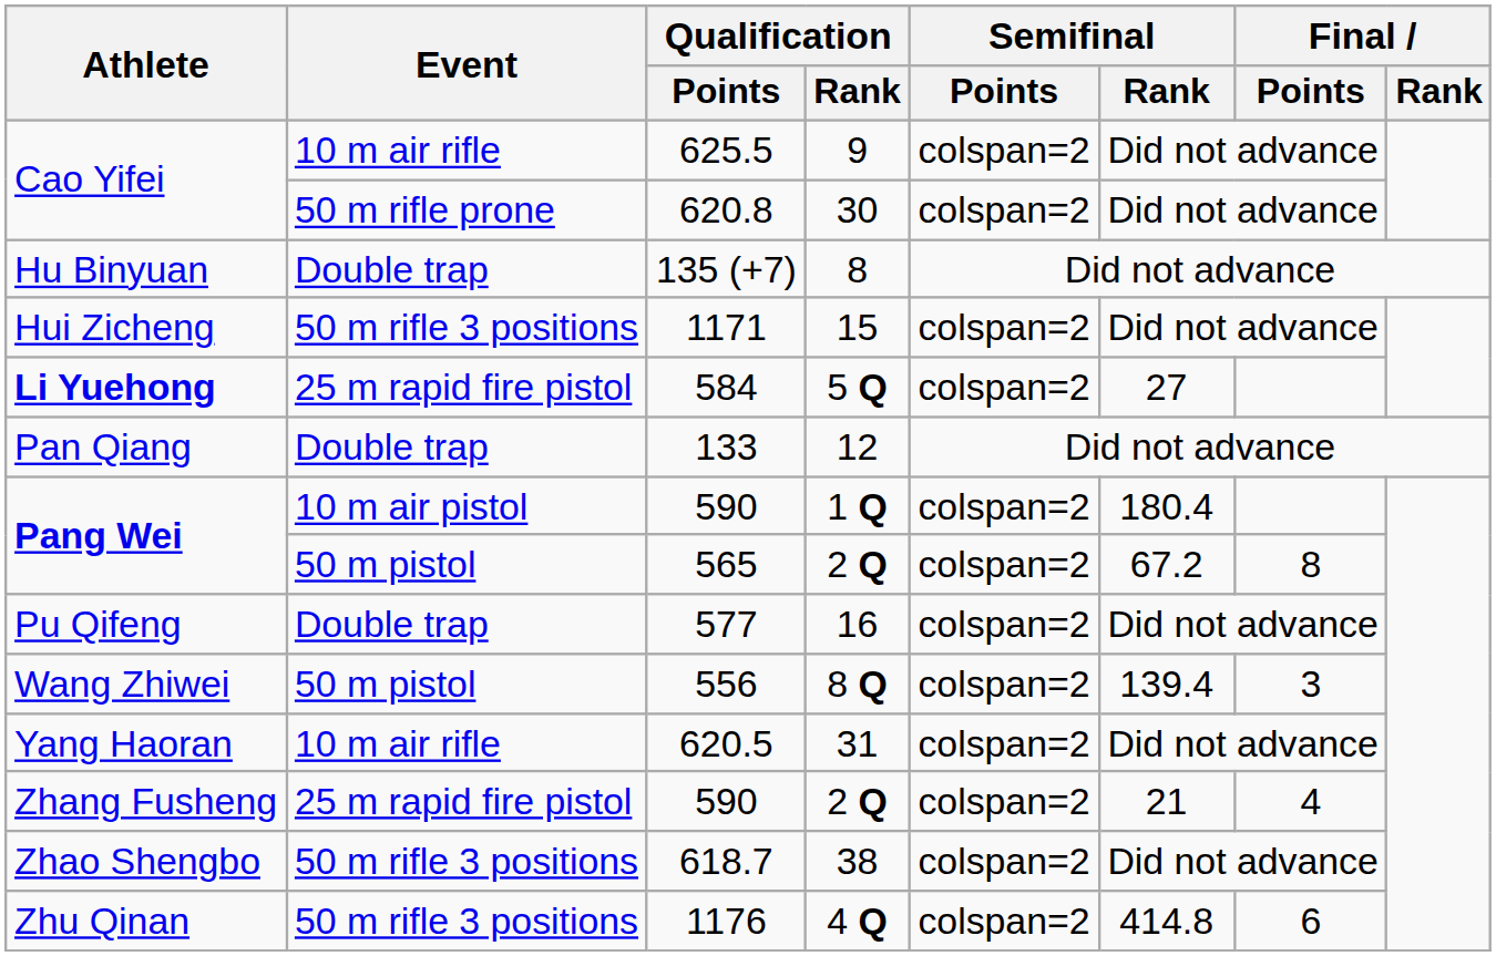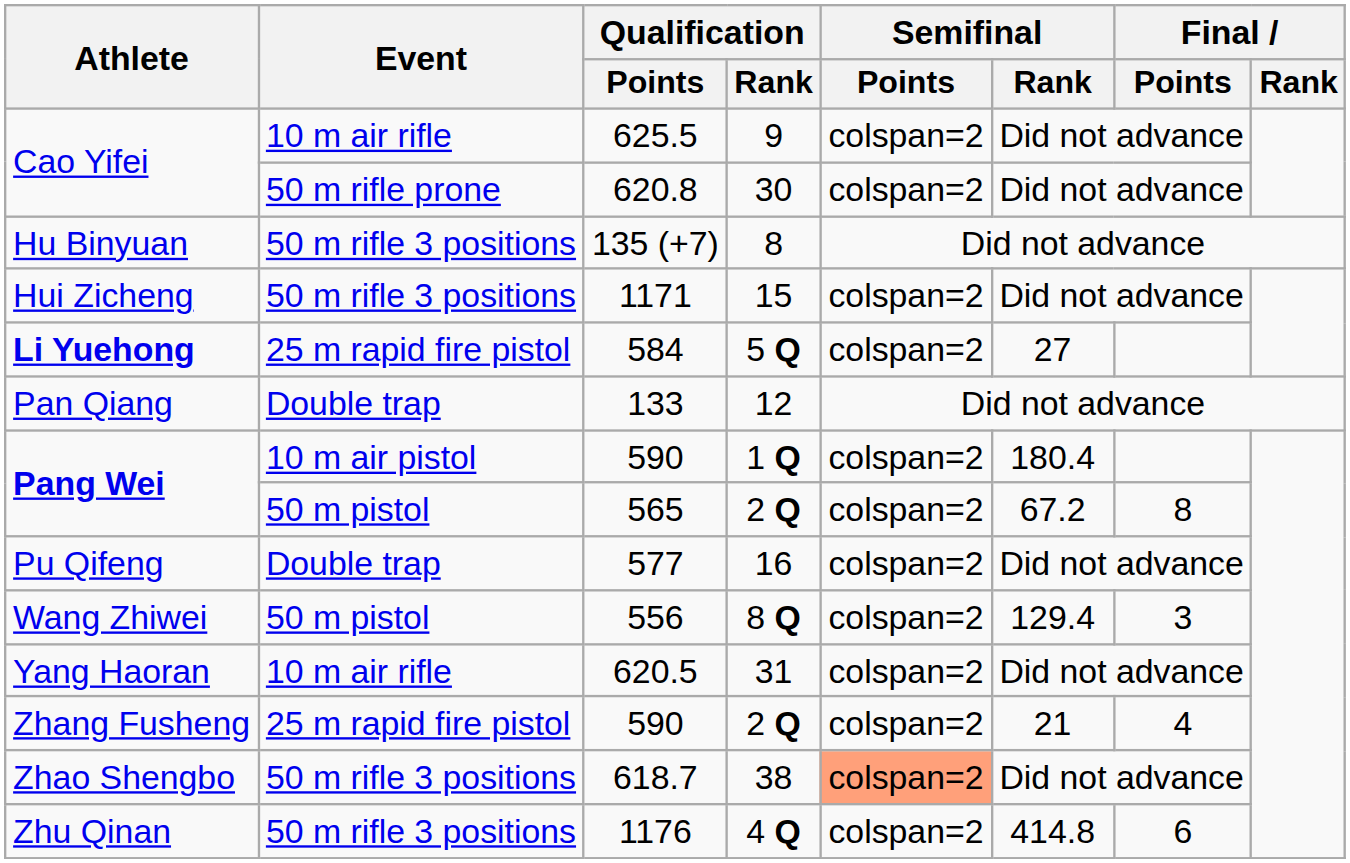 <table class="wikitable" style="font-size:90%">
 <tr>
 <th rowspan="2">Athlete</th>
 <th rowspan="2">Event</th>
 <th colspan=2>Qualification</th>
 <th colspan=2>Semifinal</th>
 <th colspan=2>Final / </th>
 </tr>
 <tr style="font-size:95%">
 <th>Points</th>
 <th>Rank</th>
 <th>Points</th>
 <th>Rank</th>
 <th>Points</th>
 <th>Rank</th>
 </tr>
 <tr align=center>
 <td align=left rowspan=2><a href='#'>Cao Yifei</a></td>
 <td align=left><a href='#'>10 m air rifle</a></td>
 <td>625.5</td>
 <td>9</td>
 <td>colspan=2 </td>
 <td colspan=2>Did not advance</td>
 </tr>
 <tr align=center>
 <td align=left><a href='#'>50 m rifle prone</a></td>
 <td>620.8</td>
 <td>30</td>
 <td>colspan=2 </td>
 <td colspan=2>Did not advance</td>
 </tr>
 <tr align=center>
 <td align=left><a href='#'>Hu Binyuan</a></td>
-<td align=left><a href='#'>Double trap</a></td>
+<td align=left><a href='#'>50 m rifle 3 positions</a></td>
 <td>135 (+7)</td>
 <td>8</td>
 <td colspan=4>Did not advance</td>
 </tr>
 <tr align=center>
 <td align=left><a href='#'>Hui Zicheng</a></td>
 <td align=left><a href='#'>50 m rifle 3 positions</a></td>
 <td>1171</td>
 <td>15</td>
 <td>colspan=2 </td>
 <td colspan=2>Did not advance</td>
 </tr>
 <tr align=center>
 <td align=left><strong><a href='#'>Li Yuehong</a></strong></td>
 <td align=left><a href='#'>25 m rapid fire pistol</a></td>
 <td>584</td>
 <td>5 <strong>Q</strong></td>
 <td>colspan=2 </td>
 <td>27</td>
 <td></td>
 </tr>
 <tr align=center>
 <td align=left><a href='#'>Pan Qiang</a></td>
 <td align=left><a href='#'>Double trap</a></td>
 <td>133</td>
 <td>12</td>
 <td colspan=4>Did not advance</td>
 </tr>
 <tr align=center>
 <td align=left rowspan=2><strong><a href='#'>Pang Wei</a></strong></td>
 <td align=left><a href='#'>10 m air pistol</a></td>
 <td>590</td>
 <td>1 <strong>Q</strong></td>
 <td>colspan=2 </td>
 <td>180.4</td>
 <td></td>
 </tr>
 <tr align=center>
 <td align=left><a href='#'>50 m pistol</a></td>
 <td>565</td>
 <td>2 <strong>Q</strong></td>
 <td>colspan=2 </td>
 <td>67.2</td>
 <td>8</td>
 </tr>
 <tr align=center>
 <td align=left><a href='#'>Pu Qifeng</a></td>
 <td align=left><a href='#'>Double trap</a></td>
 <td>577</td>
 <td>16</td>
 <td>colspan=2 </td>
 <td colspan=2>Did not advance</td>
 </tr>
 <tr align=center>
 <td align=left><a href='#'>Wang Zhiwei</a></td>
 <td align=left><a href='#'>50 m pistol</a></td>
 <td>556</td>
 <td>8 <strong>Q</strong></td>
 <td>colspan=2 </td>
-<td>139.4</td>
+<td>129.4</td>
 <td>3</td>
 </tr>
 <tr align=center>
 <td align=left><a href='#'>Yang Haoran</a></td>
 <td align=left><a href='#'>10 m air rifle</a></td>
 <td>620.5</td>
 <td>31</td>
 <td>colspan=2 </td>
 <td colspan=2>Did not advance</td>
 </tr>
 <tr align=center>
 <td align=left><a href='#'>Zhang Fusheng</a></td>
 <td align=left><a href='#'>25 m rapid fire pistol</a></td>
 <td>590</td>
 <td>2 <strong>Q</strong></td>
 <td>colspan=2 </td>
 <td>21</td>
 <td>4</td>
 </tr>
 <tr align=center>
 <td align=left><a href='#'>Zhao Shengbo</a></td>
 <td align=left><a href='#'>50 m rifle 3 positions</a></td>
 <td>618.7</td>
 <td>38</td>
-<td>colspan=2 </td>
+<td style="background: lightsalmon;">colspan=2 </td>
 <td colspan=2>Did not advance</td>
 </tr>
 <tr align=center>
 <td align=left><a href='#'>Zhu Qinan</a></td>
 <td align=left><a href='#'>50 m rifle 3 positions</a></td>
 <td>1176</td>
 <td>4 <strong>Q</strong></td>
 <td>colspan=2 </td>
 <td>414.8</td>
 <td>6</td>
 </tr>
 </table>
